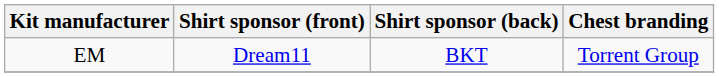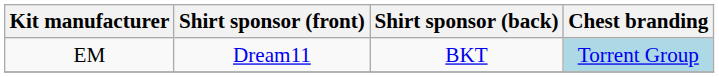 <table class="wikitable" style="text-align:center">
 <tr>
 <th>Kit manufacturer</th>
 <th>Shirt sponsor (front)</th>
 <th>Shirt sponsor (back)</th>
 <th>Chest branding</th>
 </tr>
 <tr>
 <td>EM</td>
 <td><a href='#'>Dream11</a></td>
 <td><a href='#'>BKT</a></td>
-<td><a href='#'>Torrent Group</a></td>
+<td style="background: lightblue;"><a href='#'>Torrent Group</a></td>
 </tr>
 <tr>
 </tr>
 </table>
